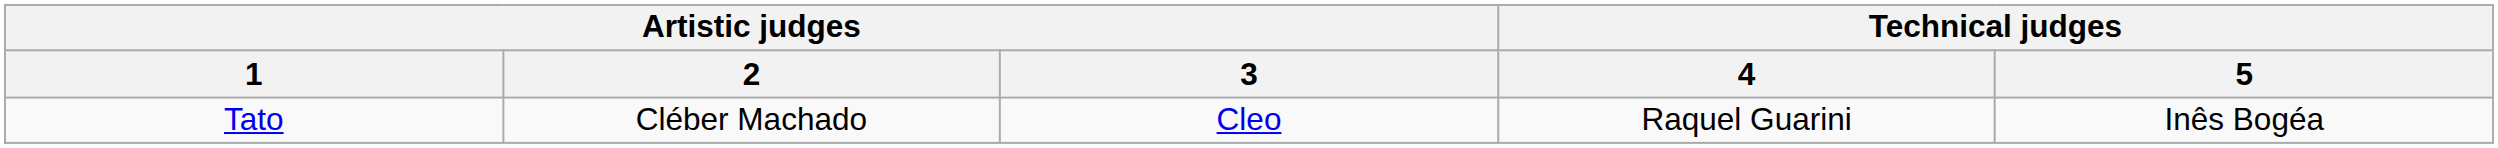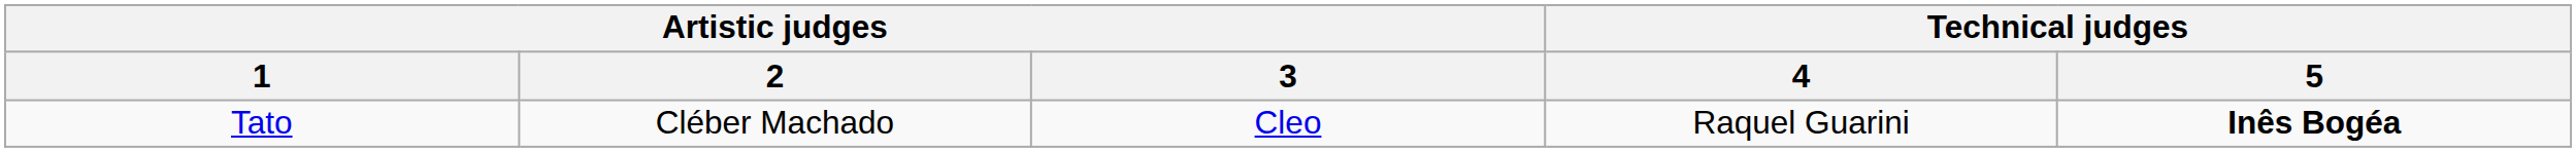 <table class="wikitable" style="font-size:100%; line-height:16px; text-align:center" width="100%">
 <tr>
 <th colspan=3>Artistic judges</th>
 <th colspan=2>Technical judges</th>
 </tr>
 <tr>
 <th width="20.0%">1</th>
 <th width="20.0%">2</th>
 <th width="20.0%">3</th>
 <th width="20.0%">4</th>
 <th width="20.0%">5</th>
 </tr>
 <tr>
 <td><a href='#'>Tato</a></td>
 <td>Cléber Machado</td>
 <td><a href='#'>Cleo</a></td>
 <td>Raquel Guarini</td>
-<td>Inês Bogéa</td>
+<td><strong>Inês Bogéa</strong></td>
 </tr>
 </table>
